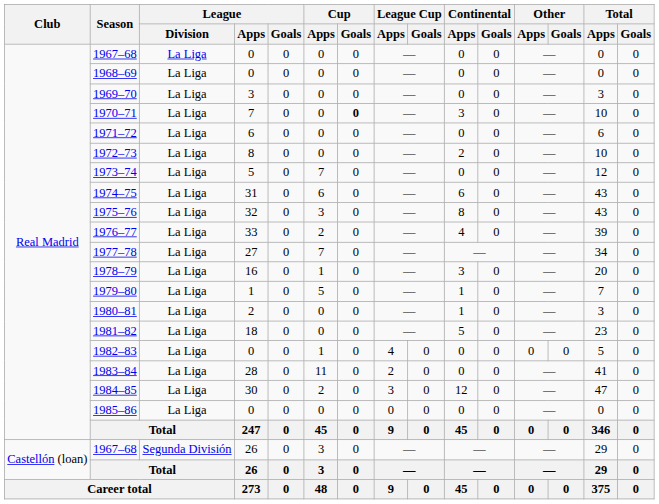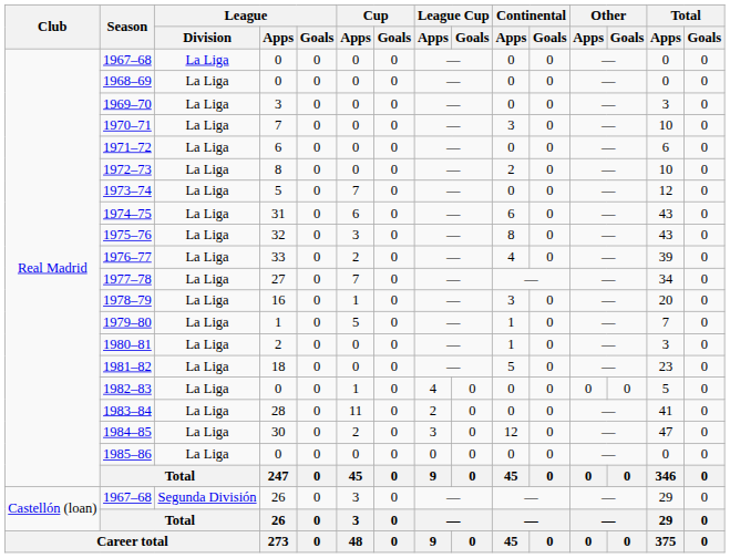 <table class="wikitable" style="text-align:center;">
 <tr>
 <th rowspan="2">Club</th>
 <th rowspan="2">Season</th>
 <th colspan="3">League</th>
 <th colspan="2">Cup</th>
 <th colspan="2">League Cup</th>
 <th colspan="2">Continental</th>
 <th colspan="2">Other</th>
 <th colspan="2">Total</th>
 </tr>
 <tr>
 <th>Division</th>
 <th>Apps</th>
 <th>Goals</th>
 <th>Apps</th>
 <th>Goals</th>
 <th>Apps</th>
 <th>Goals</th>
 <th>Apps</th>
 <th>Goals</th>
 <th>Apps</th>
 <th>Goals</th>
 <th>Apps</th>
 <th>Goals</th>
 </tr>
 <tr>
 <td rowspan="20"><a href='#'>Real Madrid</a></td>
 <td><a href='#'>1967–68</a></td>
 <td><a href='#'>La Liga</a></td>
 <td>0</td>
 <td>0</td>
 <td>0</td>
 <td>0</td>
 <td colspan=2>—</td>
 <td>0</td>
 <td>0</td>
 <td colspan=2>—</td>
 <td>0</td>
 <td>0</td>
 </tr>
 <tr>
 <td><a href='#'>1968–69</a></td>
 <td>La Liga</td>
 <td>0</td>
 <td>0</td>
 <td>0</td>
 <td>0</td>
 <td colspan=2>—</td>
 <td>0</td>
 <td>0</td>
 <td colspan=2>—</td>
 <td>0</td>
 <td>0</td>
 </tr>
 <tr>
 <td><a href='#'>1969–70</a></td>
 <td>La Liga</td>
 <td>3</td>
 <td>0</td>
 <td>0</td>
 <td>0</td>
 <td colspan=2>—</td>
 <td>0</td>
 <td>0</td>
 <td colspan=2>—</td>
 <td>3</td>
 <td>0</td>
 </tr>
 <tr>
 <td><a href='#'>1970–71</a></td>
 <td>La Liga</td>
 <td>7</td>
 <td>0</td>
 <td>0</td>
-<td><strong>0</strong></td>
+<td>0</td>
 <td colspan=2>—</td>
 <td>3</td>
 <td>0</td>
 <td colspan=2>—</td>
 <td>10</td>
 <td>0</td>
 </tr>
 <tr>
 <td><a href='#'>1971–72</a></td>
 <td>La Liga</td>
 <td>6</td>
 <td>0</td>
 <td>0</td>
 <td>0</td>
 <td colspan=2>—</td>
 <td>0</td>
 <td>0</td>
 <td colspan=2>—</td>
 <td>6</td>
 <td>0</td>
 </tr>
 <tr>
 <td><a href='#'>1972–73</a></td>
 <td>La Liga</td>
 <td>8</td>
 <td>0</td>
 <td>0</td>
 <td>0</td>
 <td colspan=2>—</td>
 <td>2</td>
 <td>0</td>
 <td colspan=2>—</td>
 <td>10</td>
 <td>0</td>
 </tr>
 <tr>
 <td><a href='#'>1973–74</a></td>
 <td>La Liga</td>
 <td>5</td>
 <td>0</td>
 <td>7</td>
 <td>0</td>
 <td colspan=2>—</td>
 <td>0</td>
 <td>0</td>
 <td colspan=2>—</td>
 <td>12</td>
 <td>0</td>
 </tr>
 <tr>
 <td><a href='#'>1974–75</a></td>
 <td>La Liga</td>
 <td>31</td>
 <td>0</td>
 <td>6</td>
 <td>0</td>
 <td colspan=2>—</td>
 <td>6</td>
 <td>0</td>
 <td colspan=2>—</td>
 <td>43</td>
 <td>0</td>
 </tr>
 <tr>
 <td><a href='#'>1975–76</a></td>
 <td>La Liga</td>
 <td>32</td>
 <td>0</td>
 <td>3</td>
 <td>0</td>
 <td colspan=2>—</td>
 <td>8</td>
 <td>0</td>
 <td colspan=2>—</td>
 <td>43</td>
 <td>0</td>
 </tr>
 <tr>
 <td><a href='#'>1976–77</a></td>
 <td>La Liga</td>
 <td>33</td>
 <td>0</td>
 <td>2</td>
 <td>0</td>
 <td colspan=2>—</td>
 <td>4</td>
 <td>0</td>
 <td colspan=2>—</td>
 <td>39</td>
 <td>0</td>
 </tr>
 <tr>
 <td><a href='#'>1977–78</a></td>
 <td>La Liga</td>
 <td>27</td>
 <td>0</td>
 <td>7</td>
 <td>0</td>
 <td colspan=2>—</td>
 <td colspan=2>—</td>
 <td colspan=2>—</td>
 <td>34</td>
 <td>0</td>
 </tr>
 <tr>
 <td><a href='#'>1978–79</a></td>
 <td>La Liga</td>
 <td>16</td>
 <td>0</td>
 <td>1</td>
 <td>0</td>
 <td colspan=2>—</td>
 <td>3</td>
 <td>0</td>
 <td colspan=2>—</td>
 <td>20</td>
 <td>0</td>
 </tr>
 <tr>
 <td><a href='#'>1979–80</a></td>
 <td>La Liga</td>
 <td>1</td>
 <td>0</td>
 <td>5</td>
 <td>0</td>
 <td colspan=2>—</td>
 <td>1</td>
 <td>0</td>
 <td colspan=2>—</td>
 <td>7</td>
 <td>0</td>
 </tr>
 <tr>
 <td><a href='#'>1980–81</a></td>
 <td>La Liga</td>
 <td>2</td>
 <td>0</td>
 <td>0</td>
 <td>0</td>
 <td colspan=2>—</td>
 <td>1</td>
 <td>0</td>
 <td colspan=2>—</td>
 <td>3</td>
 <td>0</td>
 </tr>
 <tr>
 <td><a href='#'>1981–82</a></td>
 <td>La Liga</td>
 <td>18</td>
 <td>0</td>
 <td>0</td>
 <td>0</td>
 <td colspan=2>—</td>
 <td>5</td>
 <td>0</td>
 <td colspan=2>—</td>
 <td>23</td>
 <td>0</td>
 </tr>
 <tr>
 <td><a href='#'>1982–83</a></td>
 <td>La Liga</td>
 <td>0</td>
 <td>0</td>
 <td>1</td>
 <td>0</td>
 <td>4</td>
 <td>0</td>
 <td>0</td>
 <td>0</td>
 <td>0</td>
 <td>0</td>
 <td>5</td>
 <td>0</td>
 </tr>
 <tr>
 <td><a href='#'>1983–84</a></td>
 <td>La Liga</td>
 <td>28</td>
 <td>0</td>
 <td>11</td>
 <td>0</td>
 <td>2</td>
 <td>0</td>
 <td>0</td>
 <td>0</td>
 <td colspan=2>—</td>
 <td>41</td>
 <td>0</td>
 </tr>
 <tr>
 <td><a href='#'>1984–85</a></td>
 <td>La Liga</td>
 <td>30</td>
 <td>0</td>
 <td>2</td>
 <td>0</td>
 <td>3</td>
 <td>0</td>
 <td>12</td>
 <td>0</td>
 <td colspan=2>—</td>
 <td>47</td>
 <td>0</td>
 </tr>
 <tr>
 <td><a href='#'>1985–86</a></td>
 <td>La Liga</td>
 <td>0</td>
 <td>0</td>
 <td>0</td>
 <td>0</td>
 <td>0</td>
 <td>0</td>
 <td>0</td>
 <td>0</td>
 <td colspan=2>—</td>
 <td>0</td>
 <td>0</td>
 </tr>
 <tr>
 <th colspan=2>Total</th>
 <th>247</th>
 <th>0</th>
 <th>45</th>
 <th>0</th>
 <th>9</th>
 <th>0</th>
 <th>45</th>
 <th>0</th>
 <th>0</th>
 <th>0</th>
 <th>346</th>
 <th>0</th>
 </tr>
 <tr>
 <td rowspan="2"><a href='#'>Castellón</a> (loan)</td>
 <td><a href='#'>1967–68</a></td>
 <td><a href='#'>Segunda División</a></td>
 <td>26</td>
 <td>0</td>
 <td>3</td>
 <td>0</td>
 <td colspan=2>—</td>
 <td colspan=2>—</td>
 <td colspan=2>—</td>
 <td>29</td>
 <td>0</td>
 </tr>
 <tr>
 <th colspan=2>Total</th>
 <th>26</th>
 <th>0</th>
 <th>3</th>
 <th>0</th>
 <th colspan=2>—</th>
 <th colspan=2>—</th>
 <th colspan=2>—</th>
 <th>29</th>
 <th>0</th>
 </tr>
 <tr>
 <th colspan="3">Career total</th>
 <th>273</th>
 <th>0</th>
 <th>48</th>
 <th>0</th>
 <th>9</th>
 <th>0</th>
 <th>45</th>
 <th>0</th>
 <th>0</th>
 <th>0</th>
 <th>375</th>
 <th>0</th>
 </tr>
 </table>
